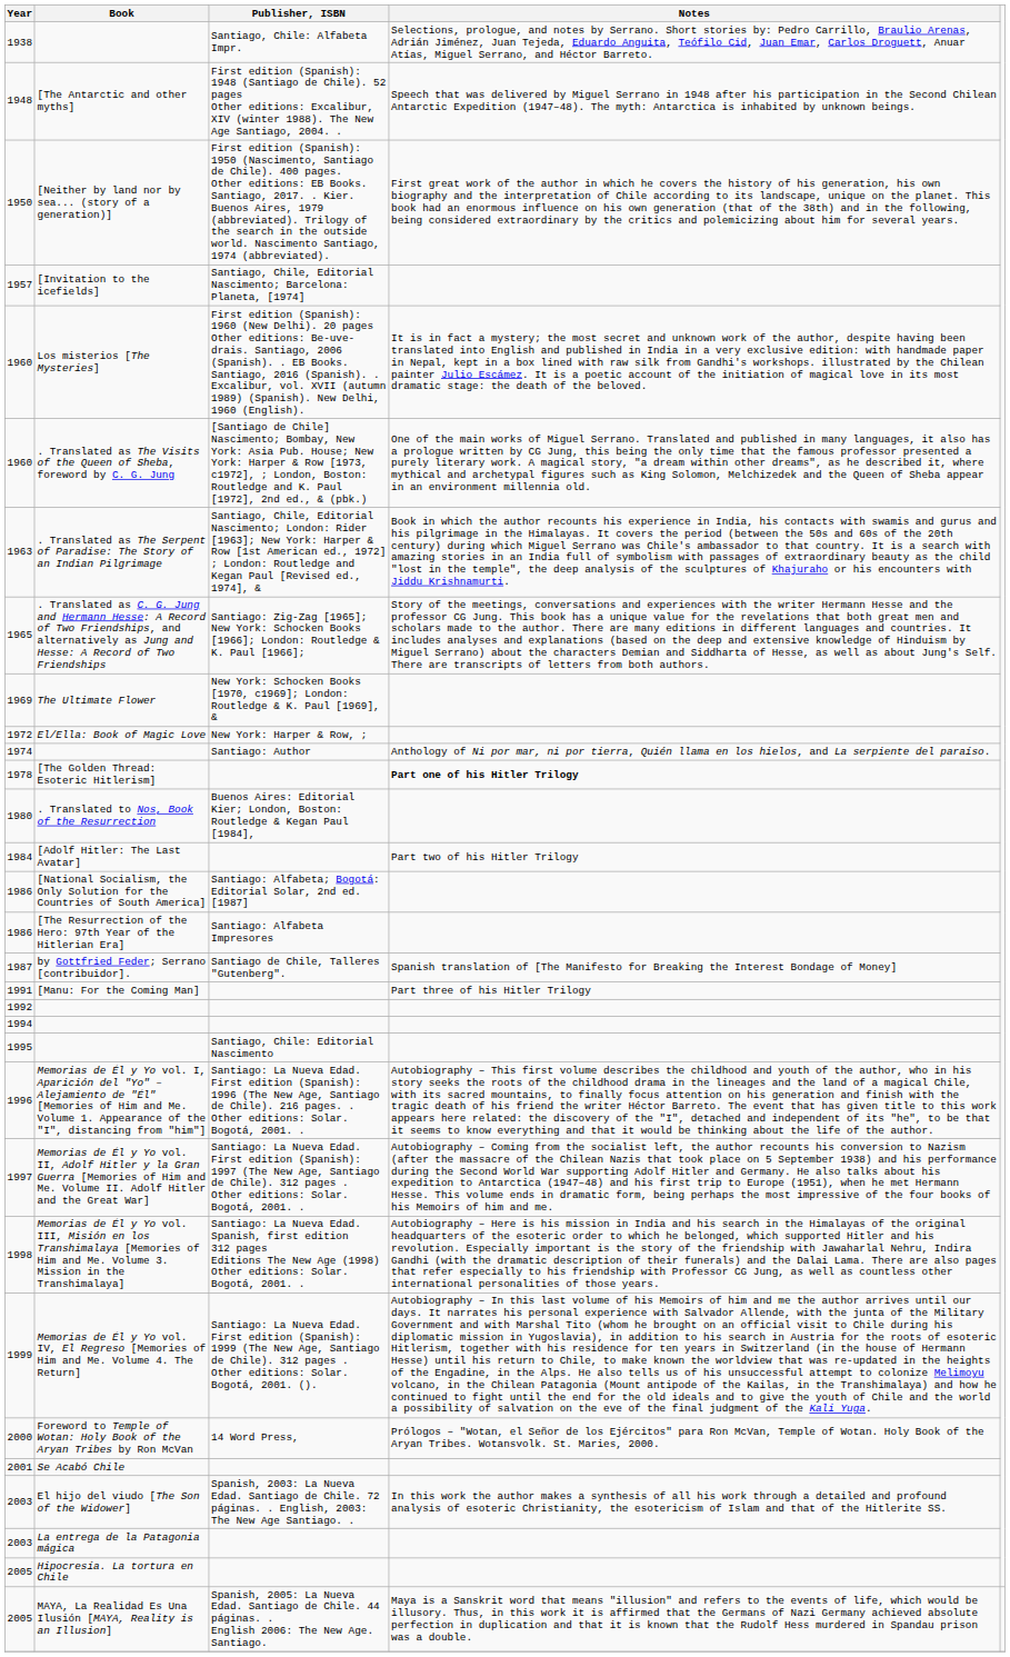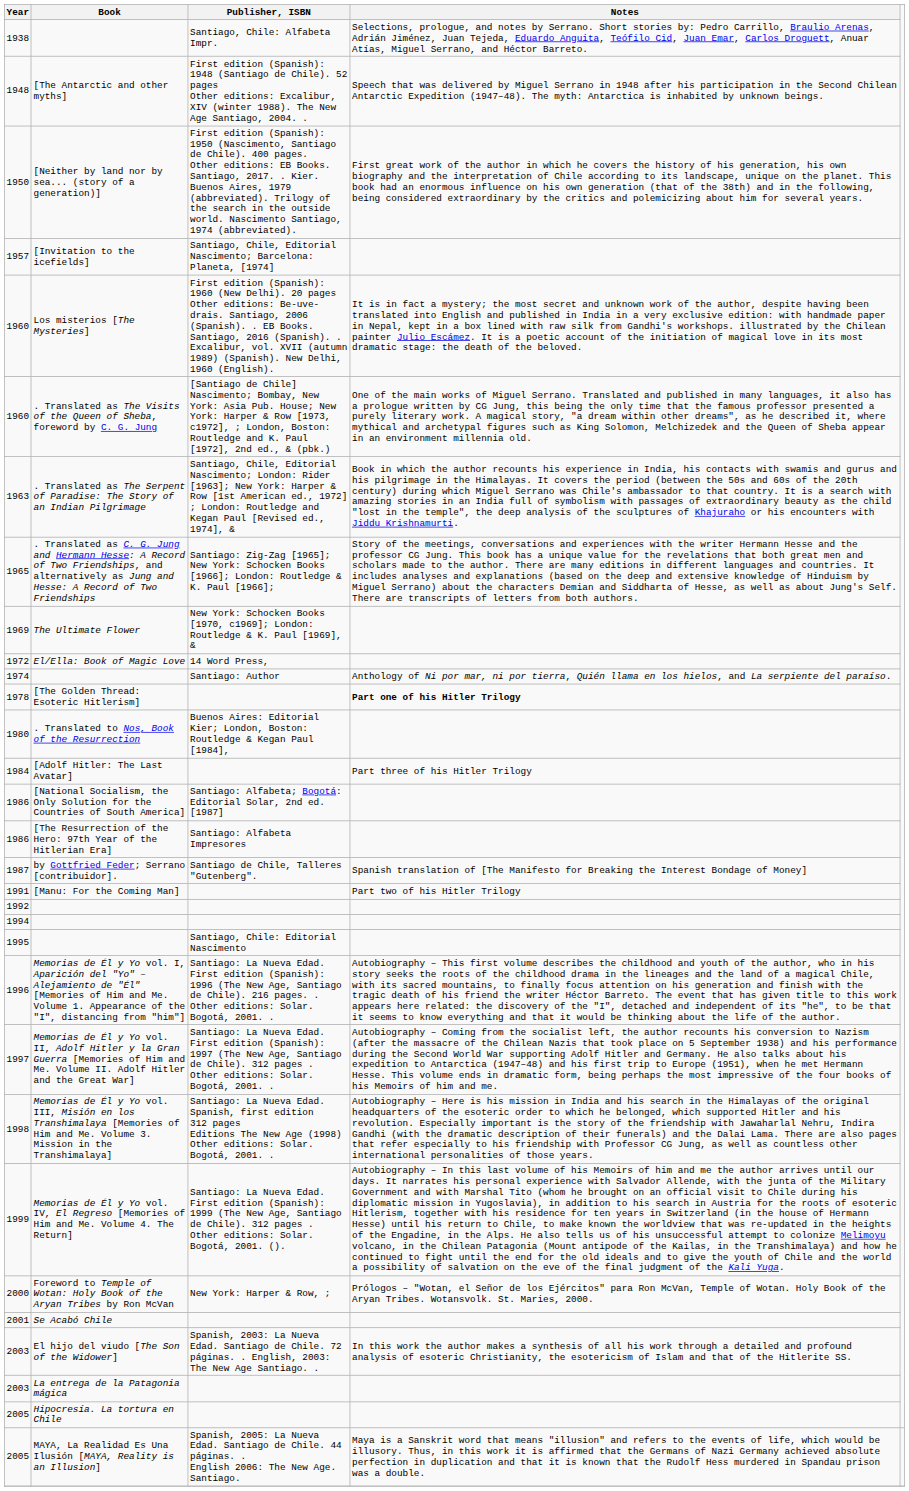 <table class="wikitable">
 <tr>
 <th>Year</th>
 <th>Book</th>
 <th>Publisher, ISBN</th>
 <th>Notes</th>
 </tr>
 <tr>
 <td>1938</td>
 <td></td>
 <td>Santiago, Chile: Alfabeta Impr.</td>
 <td>Selections, prologue, and notes by Serrano. Short stories by: Pedro Carrillo, <a href='#'>Braulio Arenas</a>, Adrián Jiménez, Juan Tejeda, <a href='#'>Eduardo Anguita</a>, <a href='#'>Teófilo Cid</a>, <a href='#'>Juan Emar</a>, <a href='#'>Carlos Droguett</a>, Anuar Atías, Miguel Serrano, and Héctor Barreto.</td>
 </tr>
 <tr>
 <td>1948</td>
 <td> [The Antarctic and other myths]</td>
 <td>First edition (Spanish):<br>1948 (Santiago de Chile). 52 pages<br>Other editions: Excalibur, XIV (winter 1988).  The New Age Santiago, 2004. .</td>
 <td>Speech that was delivered by Miguel Serrano in 1948 after his participation in the Second Chilean Antarctic Expedition (1947–48). The myth: Antarctica is inhabited by unknown beings.</td>
 </tr>
 <tr>
 <td>1950</td>
 <td> [Neither by land nor by sea... (story of a generation)]</td>
 <td>First edition (Spanish):<br>1950 (Nascimento, Santiago de Chile). 400 pages.<br>Other editions: EB Books. Santiago, 2017. .  Kier. Buenos Aires, 1979 (abbreviated).  Trilogy of the search in the outside world. Nascimento Santiago, 1974 (abbreviated).</td>
 <td>First great work of the author in which he covers the history of his generation, his own biography and the interpretation of Chile according to its landscape, unique on the planet. This book had an enormous influence on his own generation (that of the 38th) and in the following, being considered extraordinary by the critics and polemicizing about him for several years.</td>
 </tr>
 <tr>
 <td>1957</td>
 <td> [Invitation to the icefields]</td>
 <td>Santiago, Chile, Editorial Nascimento; Barcelona: Planeta, [1974] </td>
 <td></td>
 </tr>
 <tr>
 <td>1960</td>
 <td>Los misterios [<em>The Mysteries</em>]</td>
 <td>First edition (Spanish):<br>1960 (New Delhi). 20 pages<br>Other editions: Be-uve-drais. Santiago, 2006 (Spanish). .  EB Books. Santiago, 2016 (Spanish). .  Excalibur, vol. XVII (autumn 1989) (Spanish).  New Delhi, 1960 (English).</td>
 <td>It is in fact a mystery; the most secret and unknown work of the author, despite having been translated into English and published in India in a very exclusive edition: with handmade paper in Nepal, kept in a box lined with raw silk from Gandhi's workshops. illustrated by the Chilean painter <a href='#'>Julio Escámez</a>. It is a poetic account of the initiation of magical love in its most dramatic stage: the death of the beloved.</td>
 </tr>
 <tr>
 <td>1960</td>
 <td>. Translated as <em>The Visits of the Queen of Sheba</em>, foreword by <a href='#'>C. G. Jung</a></td>
 <td>[Santiago de Chile] Nascimento; Bombay, New York: Asia Pub. House; New York: Harper & Row [1973, c1972], ; London, Boston: Routledge and K. Paul [1972], 2nd ed.,  &  (pbk.)</td>
 <td>One of the main works of Miguel Serrano. Translated and published in many languages, it also has a prologue written by CG Jung, this being the only time that the famous professor presented a purely literary work. A magical story, "a dream within other dreams", as he described it, where mythical and archetypal figures such as King Solomon, Melchizedek and the Queen of Sheba appear in an environment millennia old.</td>
 </tr>
 <tr>
 <td>1963</td>
 <td>. Translated as <em>The Serpent of Paradise: The Story of an Indian Pilgrimage</em></td>
 <td>Santiago, Chile, Editorial Nascimento; London: Rider [1963]; New York: Harper & Row [1st American ed., 1972] ; London: Routledge and Kegan Paul [Revised ed., 1974],  & </td>
 <td>Book in which the author recounts his experience in India, his contacts with swamis and gurus and his pilgrimage in the Himalayas. It covers the period (between the 50s and 60s of the 20th century) during which Miguel Serrano was Chile's ambassador to that country. It is a search with amazing stories in an India full of symbolism with passages of extraordinary beauty as the child "lost in the temple", the deep analysis of the sculptures of <a href='#'>Khajuraho</a> or his encounters with <a href='#'>Jiddu Krishnamurti</a>.</td>
 </tr>
 <tr>
 <td>1965</td>
 <td>. Translated as <em><a href='#'>C. G. Jung</a> and <a href='#'>Hermann Hesse</a>: A Record of Two Friendships</em>, and alternatively as <em>Jung and Hesse: A Record of Two Friendships</em></td>
 <td>Santiago: Zig-Zag [1965]; New York: Schocken Books [1966]; London: Routledge & K. Paul [1966]; </td>
 <td>Story of the meetings, conversations and experiences with the writer Hermann Hesse and the professor CG Jung. This book has a unique value for the revelations that both great men and scholars made to the author. There are many editions in different languages and countries. It includes analyses and explanations (based on the deep and extensive knowledge of Hinduism by Miguel Serrano) about the characters Demian and Siddharta of Hesse, as well as about Jung's Self. There are transcripts of letters from both authors.</td>
 </tr>
 <tr>
 <td>1969</td>
 <td><em>The Ultimate Flower</em></td>
 <td>New York: Schocken Books [1970, c1969]; London: Routledge & K. Paul [1969],  & </td>
 <td></td>
 </tr>
 <tr>
 <td>1972</td>
 <td><em>El/Ella: Book of Magic Love</em></td>
-<td>New York: Harper & Row, ; </td>
+<td>14 Word Press, </td>
 <td></td>
 </tr>
 <tr>
 <td>1974</td>
 <td></td>
 <td>Santiago: Author</td>
 <td>Anthology of <em>Ni por mar, ni por tierra</em>, <em>Quién llama en los hielos</em>, and <em>La serpiente del paraíso</em>.</td>
 </tr>
 <tr>
 <td>1978</td>
 <td> [The Golden Thread: Esoteric Hitlerism]</td>
 <td></td>
 <td><strong>Part one of his Hitler Trilogy</strong></td>
 </tr>
 <tr>
 <td>1980</td>
 <td>. Translated to <em><a href='#'>Nos, Book of the Resurrection</a></em></td>
 <td>Buenos Aires: Editorial Kier; London, Boston: Routledge & Kegan Paul [1984], </td>
 <td></td>
 </tr>
 <tr>
 <td>1984</td>
 <td> [Adolf Hitler: The Last Avatar]</td>
 <td></td>
-<td>Part two of his Hitler Trilogy</td>
+<td>Part three of his Hitler Trilogy</td>
 </tr>
 <tr>
 <td>1986</td>
 <td> [National Socialism, the Only Solution for the Countries of South America]</td>
 <td>Santiago: Alfabeta; <a href='#'>Bogotá</a>: Editorial Solar, 2nd ed. [1987]</td>
 <td></td>
 </tr>
 <tr>
 <td>1986</td>
 <td> [The Resurrection of the Hero: 97th Year of the Hitlerian Era]</td>
 <td>Santiago: Alfabeta Impresores</td>
 <td></td>
 </tr>
 <tr>
 <td>1987</td>
 <td> by <a href='#'>Gottfried Feder</a>; Serrano [contribuidor].</td>
 <td>Santiago de Chile, Talleres "Gutenberg".</td>
 <td>Spanish translation of  [The Manifesto for Breaking the Interest Bondage of Money]</td>
 </tr>
 <tr>
 <td>1991</td>
 <td> [Manu: For the Coming Man]</td>
 <td></td>
-<td>Part three of his Hitler Trilogy</td>
+<td>Part two of his Hitler Trilogy</td>
 </tr>
 <tr>
 <td>1992</td>
 <td></td>
 <td></td>
 <td></td>
 </tr>
 <tr>
 <td>1994</td>
 <td></td>
 <td></td>
 <td></td>
 </tr>
 <tr>
 <td>1995</td>
 <td></td>
 <td>Santiago, Chile: Editorial Nascimento</td>
 <td></td>
 </tr>
 <tr>
 <td>1996</td>
 <td><em>Memorias de Él y Yo</em> vol. I, <em>Aparición del "Yo" – Alejamiento de "Él"</em> [Memories of Him and Me. Volume 1. Appearance of the "I", distancing from "him"]</td>
 <td>Santiago: La Nueva Edad. First edition (Spanish): 1996 (The New Age, Santiago de Chile). 216 pages. .<br>Other editions: Solar. Bogotá, 2001. .</td>
 <td>Autobiography – This first volume describes the childhood and youth of the author, who in his story seeks the roots of the childhood drama in the lineages and the land of a magical Chile, with its sacred mountains, to finally focus attention on his generation and finish with the tragic death of his friend the writer Héctor Barreto. The event that has given title to this work appears here related: the discovery of the "I", detached and independent of its "he", to be that it seems to know everything and that it would be thinking about the life of the author.</td>
 </tr>
 <tr>
 <td>1997</td>
 <td><em>Memorias de Él y Yo</em> vol. II, <em>Adolf Hitler y la Gran Guerra</em> [Memories of Him and Me. Volume II. Adolf Hitler and the Great War]</td>
 <td>Santiago: La Nueva Edad. First edition (Spanish):<br>1997 (The New Age, Santiago de Chile). 312 pages .<br>Other editions: Solar. Bogotá, 2001. .</td>
 <td>Autobiography – Coming from the socialist left, the author recounts his conversion to Nazism (after the massacre of the Chilean Nazis that took place on 5 September 1938) and his performance during the Second World War supporting Adolf Hitler and Germany. He also talks about his expedition to Antarctica (1947–48) and his first trip to Europe (1951), when he met Hermann Hesse. This volume ends in dramatic form, being perhaps the most impressive of the four books of his Memoirs of him and me.</td>
 </tr>
 <tr>
 <td>1998</td>
 <td><em>Memorias de Él y Yo</em> vol. III, <em>Misión en los Transhimalaya</em> [Memories of Him and Me. Volume 3. Mission in the Transhimalaya]</td>
 <td>Santiago: La Nueva Edad. Spanish, first edition<br>312 pages<br>Editions The New Age (1998)  <br>Other editions: Solar. Bogotá, 2001. .</td>
 <td>Autobiography – Here is his mission in India and his search in the Himalayas of the original headquarters of the esoteric order to which he belonged, which supported Hitler and his revolution. Especially important is the story of the friendship with Jawaharlal Nehru, Indira Gandhi (with the dramatic description of their funerals) and the Dalai Lama. There are also pages that refer especially to his friendship with Professor CG Jung, as well as countless other international personalities of those years.</td>
 </tr>
 <tr>
 <td>1999</td>
 <td><em>Memorias de Él y Yo</em> vol. IV, <em>El Regreso</em> [Memories of Him and Me. Volume 4. The Return]</td>
 <td>Santiago: La Nueva Edad. First edition (Spanish):<br>1999 (The New Age, Santiago de Chile). 312 pages .<br>Other editions: Solar. Bogotá, 2001.  ().</td>
 <td>Autobiography – In this last volume of his Memoirs of him and me the author arrives until our days. It narrates his personal experience with Salvador Allende, with the junta of the Military Government and with Marshal Tito (whom he brought on an official visit to Chile during his diplomatic mission in Yugoslavia), in addition to his search in Austria for the roots of esoteric Hitlerism, together with his residence for ten years in Switzerland (in the house of Hermann Hesse) until his return to Chile, to make known the worldview that was re-updated in the heights of the Engadine, in the Alps. He also tells us of his unsuccessful attempt to colonize <a href='#'>Melimoyu</a> volcano, in the Chilean Patagonia (Mount antipode of the Kailas, in the Transhimalaya) and how he continued to fight until the end for the old ideals and to give the youth of Chile and the world a possibility of salvation on the eve of the final judgment of the <em><a href='#'>Kali Yuga</a></em>.</td>
 </tr>
 <tr>
 <td>2000</td>
 <td>Foreword to <em>Temple of Wotan: Holy Book of the Aryan Tribes</em> by Ron McVan</td>
-<td>14 Word Press, </td>
+<td>New York: Harper & Row, ; </td>
 <td>Prólogos – "Wotan, el Señor de los Ejércitos" para Ron McVan, Temple of Wotan. Holy Book of the Aryan Tribes. Wotansvolk. St. Maries, 2000.</td>
 </tr>
 <tr>
 <td>2001</td>
 <td><em>Se Acabó Chile</em></td>
 <td></td>
 <td></td>
 </tr>
 <tr>
 <td>2003</td>
 <td>El hijo del viudo [<em>The Son of the Widower</em>]</td>
 <td>Spanish, 2003: La Nueva Edad. Santiago de Chile. 72 páginas. . English, 2003: The New Age Santiago. .</td>
 <td>In this work the author makes a synthesis of all his work through a detailed and profound analysis of esoteric Christianity, the esotericism of Islam and that of the Hitlerite SS.</td>
 </tr>
 <tr>
 <td>2003</td>
 <td><em>La entrega de la Patagonia mágica</em></td>
 <td></td>
 <td></td>
 </tr>
 <tr>
 <td>2005</td>
 <td><em>Hipocresía. La tortura en Chile</em></td>
 <td></td>
 <td></td>
 </tr>
 <tr>
 <td>2005</td>
 <td>MAYA, La Realidad Es Una Ilusión [<em>MAYA, Reality is an Illusion</em>]</td>
 <td>Spanish, 2005: La Nueva Edad. Santiago de Chile. 44 páginas. .<br>English 2006: The New Age. Santiago. </td>
 <td>Maya is a Sanskrit word that means "illusion" and refers to the events of life, which would be illusory. Thus, in this work it is affirmed that the Germans of Nazi Germany achieved absolute perfection in duplication and that it is known that the Rudolf Hess murdered in Spandau prison was a double.</td>
 <td></td>
 </tr>
 <tr>
 </tr>
 </table>
